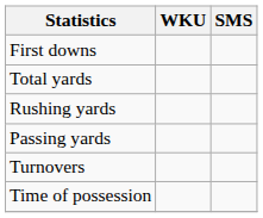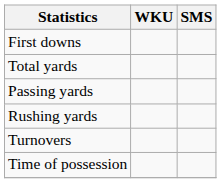 <table class="wikitable" style="float: left;">
 <tr>
 <th>Statistics</th>
 <th>WKU</th>
 <th>SMS</th>
 </tr>
 <tr>
 <td>First downs</td>
 <td></td>
 <td></td>
 </tr>
 <tr>
 <td>Total yards</td>
 <td></td>
 <td></td>
 </tr>
 <tr>
-<td>Rushing yards</td>
+<td>Passing yards</td>
 <td></td>
 <td></td>
 </tr>
 <tr>
-<td>Passing yards</td>
+<td>Rushing yards</td>
 <td></td>
 <td></td>
 </tr>
 <tr>
 <td>Turnovers</td>
 <td></td>
 <td></td>
 </tr>
 <tr>
 <td>Time of possession</td>
 <td></td>
 <td></td>
 </tr>
 <tr>
 </tr>
 </table>
